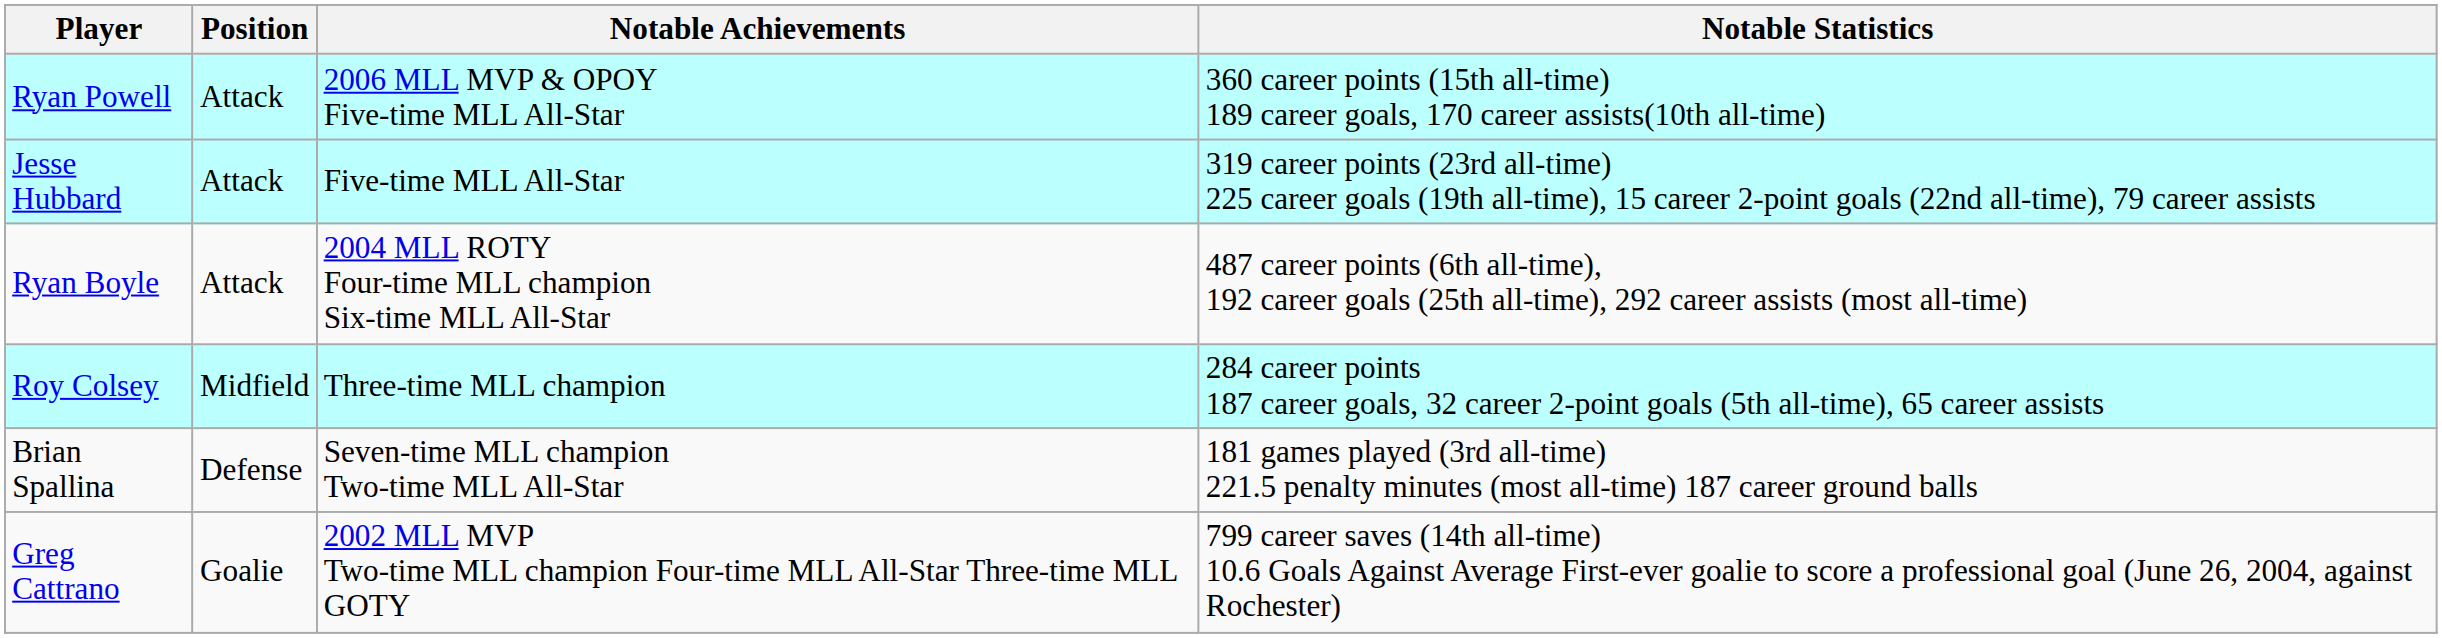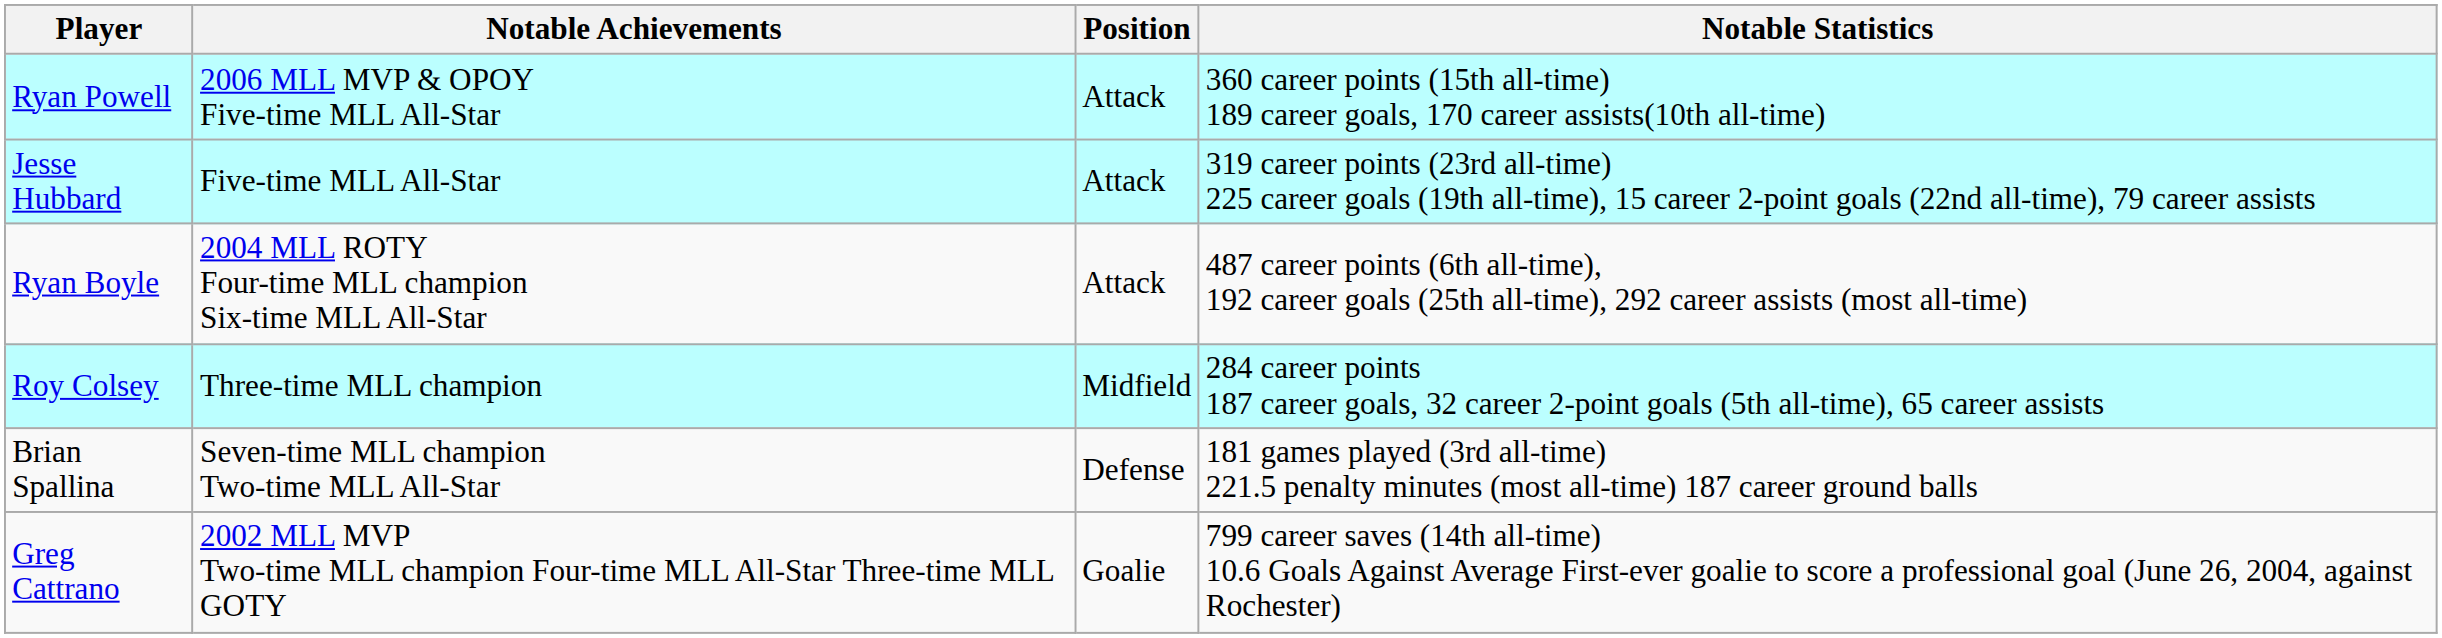 <table class="wikitable mw-collapsible">
 <tr>
 <th>Player</th>
+<th>Notable Achievements</th>
 <th>Position</th>
-<th>Notable Achievements</th>
 <th>Notable Statistics</th>
 </tr>
 <tr style="background:#bff">
 <td><a href='#'>Ryan Powell</a></td>
+<td><a href='#'>2006 MLL</a> MVP & OPOY<br>Five-time MLL All-Star</td>
 <td>Attack</td>
-<td><a href='#'>2006 MLL</a> MVP & OPOY<br>Five-time MLL All-Star</td>
 <td>360 career points (15th all-time)<br>189 career goals, 170 career assists(10th all-time)</td>
 </tr>
 <tr style="background:#bff">
 <td><a href='#'>Jesse Hubbard</a></td>
+<td>Five-time MLL All-Star</td>
 <td>Attack</td>
-<td>Five-time MLL All-Star</td>
 <td>319 career points (23rd all-time)<br>225 career goals (19th all-time), 15 career 2-point goals (22nd all-time), 79 career assists</td>
 </tr>
 <tr>
 <td><a href='#'>Ryan Boyle</a></td>
+<td><a href='#'>2004 MLL</a> ROTY<br>Four-time MLL champion<br>Six-time MLL All-Star</td>
 <td>Attack</td>
-<td><a href='#'>2004 MLL</a> ROTY<br>Four-time MLL champion<br>Six-time MLL All-Star</td>
 <td>487 career points (6th all-time),<br>192 career goals (25th all-time), 292 career assists (most all-time)</td>
 </tr>
 <tr style="background:#bff">
 <td><a href='#'>Roy Colsey</a></td>
+<td>Three-time MLL champion</td>
 <td>Midfield</td>
-<td>Three-time MLL champion</td>
 <td>284 career points<br>187 career goals, 32 career 2-point goals (5th all-time), 65 career assists</td>
 </tr>
 <tr>
 <td>Brian Spallina</td>
+<td>Seven-time MLL champion<br>Two-time MLL All-Star</td>
 <td>Defense</td>
-<td>Seven-time MLL champion<br>Two-time MLL All-Star</td>
 <td>181 games played (3rd all-time)<br>221.5 penalty minutes (most all-time)  187 career ground balls</td>
 </tr>
 <tr>
 <td><a href='#'>Greg Cattrano</a></td>
+<td><a href='#'>2002 MLL</a> MVP<br>Two-time MLL champion Four-time MLL All-Star Three-time MLL GOTY</td>
 <td>Goalie</td>
-<td><a href='#'>2002 MLL</a> MVP<br>Two-time MLL champion Four-time MLL All-Star Three-time MLL GOTY</td>
 <td>799 career saves (14th all-time)<br>10.6 Goals Against Average  First-ever goalie to score a professional goal (June 26, 2004, against Rochester)</td>
 </tr>
 </table>
